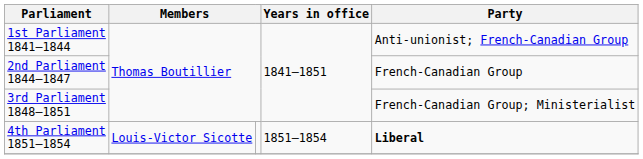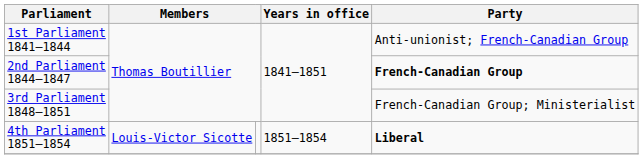 <table class="wikitable">
 <tr>
 <th>Parliament</th>
 <th colspan="2">Members</th>
 <th>Years in office</th>
 <th>Party</th>
 </tr>
 <tr>
 <td><a href='#'>1st Parliament</a><br>1841–1844</td>
 <td rowspan="3"colspan="2"><a href='#'>Thomas Boutillier</a></td>
 <td rowspan="3">1841–1851</td>
 <td>Anti-unionist; <a href='#'>French-Canadian Group</a></td>
 </tr>
 <tr>
 <td><a href='#'>2nd Parliament</a><br>1844–1847</td>
-<td>French-Canadian Group</td>
+<td><strong>French-Canadian Group</strong></td>
 </tr>
 <tr>
 <td><a href='#'>3rd Parliament</a><br>1848–1851</td>
 <td>French-Canadian Group;  Ministerialist</td>
 </tr>
 <tr>
 <td><a href='#'>4th Parliament</a><br>1851–1854</td>
 <td><a href='#'>Louis-Victor Sicotte</a></td>
 <td></td>
 <td>1851–1854</td>
 <td><strong>Liberal</strong></td>
 </tr>
 <tr>
 </tr>
 </table>
